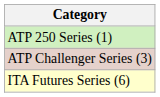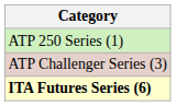 <table class="wikitable">
 <tr>
 <th>Category</th>
 </tr>
 <tr bgcolor=#d0f0c0>
 <td>ATP 250 Series (1)</td>
 </tr>
 <tr bgcolor="#e5d1cb">
 <td>ATP Challenger Series (3)</td>
 </tr>
 <tr bgcolor="#ffffcc">
-<td>ITA Futures Series (6)</td>
+<td><strong>ITA Futures Series (6)</strong></td>
 </tr>
 </table>
